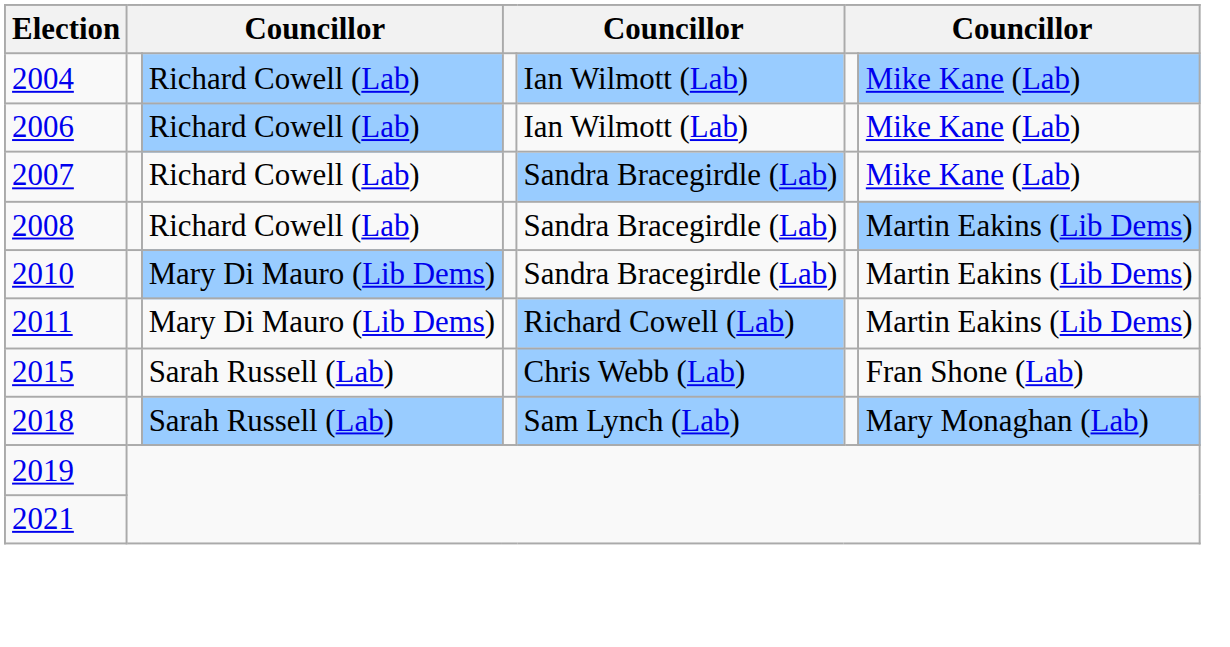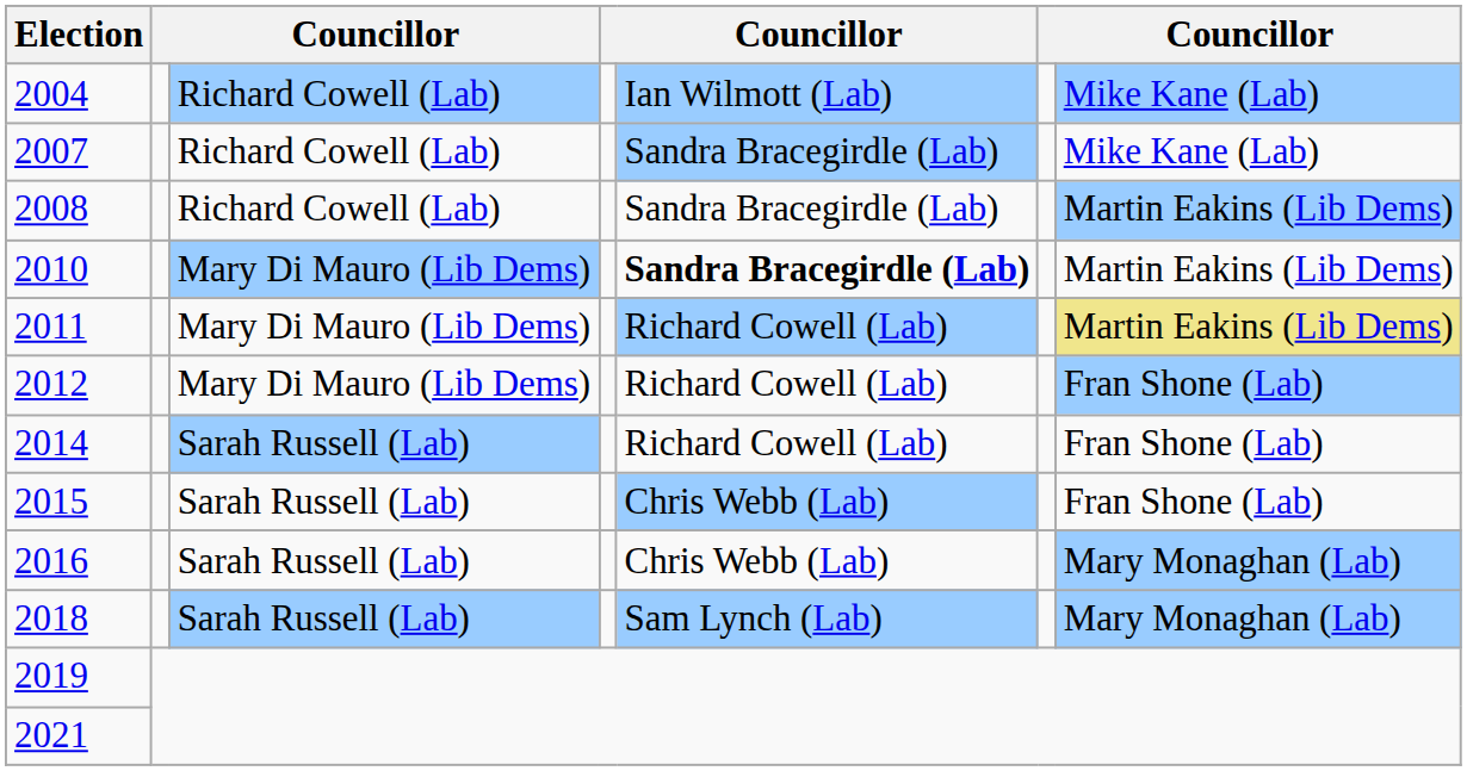 <table class="wikitable">
 <tr>
 <th>Election</th>
 <th colspan="2">Councillor</th>
 <th colspan="2">Councillor</th>
 <th colspan="2">Councillor</th>
 </tr>
 <tr>
 <td><a href='#'>2004</a></td>
 <td style="background-color: "></td>
 <td bgcolor="#99CCFF">Richard Cowell (<a href='#'>Lab</a>)</td>
 <td style="background-color: "></td>
 <td bgcolor="#99CCFF">Ian Wilmott (<a href='#'>Lab</a>)</td>
 <td style="background-color: "></td>
 <td bgcolor="#99CCFF"><a href='#'>Mike Kane</a> (<a href='#'>Lab</a>)</td>
-</tr>
-<tr>
-<td><a href='#'>2006</a></td>
-<td style="background-color: "></td>
-<td bgcolor="#99CCFF">Richard Cowell (<a href='#'>Lab</a>)</td>
-<td style="background-color: "></td>
-<td>Ian Wilmott (<a href='#'>Lab</a>)</td>
-<td style="background-color: "></td>
-<td><a href='#'>Mike Kane</a> (<a href='#'>Lab</a>)</td>
 </tr>
 <tr>
 <td><a href='#'>2007</a></td>
 <td style="background-color: "></td>
 <td>Richard Cowell (<a href='#'>Lab</a>)</td>
 <td style="background-color: "></td>
 <td bgcolor="#99CCFF">Sandra Bracegirdle (<a href='#'>Lab</a>)</td>
 <td style="background-color: "></td>
 <td><a href='#'>Mike Kane</a> (<a href='#'>Lab</a>)</td>
 </tr>
 <tr>
 <td><a href='#'>2008</a></td>
 <td style="background-color: "></td>
 <td>Richard Cowell (<a href='#'>Lab</a>)</td>
 <td style="background-color: "></td>
 <td>Sandra Bracegirdle (<a href='#'>Lab</a>)</td>
 <td style="background-color: "></td>
 <td bgcolor="#99CCFF">Martin Eakins (<a href='#'>Lib Dems</a>)</td>
 </tr>
 <tr>
 <td><a href='#'>2010</a></td>
 <td style="background-color: "></td>
 <td bgcolor="#99CCFF">Mary Di Mauro (<a href='#'>Lib Dems</a>)</td>
 <td style="background-color: "></td>
-<td>Sandra Bracegirdle (<a href='#'>Lab</a>)</td>
+<td><strong>Sandra Bracegirdle (<a href='#'>Lab</a>)</strong></td>
 <td style="background-color: "></td>
 <td>Martin Eakins (<a href='#'>Lib Dems</a>)</td>
 </tr>
 <tr>
 <td><a href='#'>2011</a></td>
 <td style="background-color: "></td>
 <td>Mary Di Mauro (<a href='#'>Lib Dems</a>)</td>
 <td style="background-color: "></td>
 <td bgcolor="#99CCFF">Richard Cowell (<a href='#'>Lab</a>)</td>
 <td style="background-color: "></td>
-<td>Martin Eakins (<a href='#'>Lib Dems</a>)</td>
+<td style="background: khaki;">Martin Eakins (<a href='#'>Lib Dems</a>)</td>
+</tr>
+<tr>
+<td><a href='#'>2012</a></td>
+<td style="background-color: "></td>
+<td>Mary Di Mauro (<a href='#'>Lib Dems</a>)</td>
+<td style="background-color: "></td>
+<td>Richard Cowell (<a href='#'>Lab</a>)</td>
+<td style="background-color: "></td>
+<td bgcolor="#99CCFF">Fran Shone (<a href='#'>Lab</a>)</td>
+</tr>
+<tr>
+<td><a href='#'>2014</a></td>
+<td style="background-color: "></td>
+<td bgcolor="#99CCFF">Sarah Russell (<a href='#'>Lab</a>)</td>
+<td style="background-color: "></td>
+<td>Richard Cowell (<a href='#'>Lab</a>)</td>
+<td style="background-color: "></td>
+<td>Fran Shone (<a href='#'>Lab</a>)</td>
 </tr>
 <tr>
 <td><a href='#'>2015</a></td>
 <td style="background-color: "></td>
 <td>Sarah Russell (<a href='#'>Lab</a>)</td>
 <td style="background-color: "></td>
 <td bgcolor="#99CCFF">Chris Webb (<a href='#'>Lab</a>)</td>
 <td style="background-color: "></td>
 <td>Fran Shone (<a href='#'>Lab</a>)</td>
+</tr>
+<tr>
+<td><a href='#'>2016</a></td>
+<td style="background-color: "></td>
+<td>Sarah Russell (<a href='#'>Lab</a>)</td>
+<td style="background-color: "></td>
+<td>Chris Webb (<a href='#'>Lab</a>)</td>
+<td style="background-color: "></td>
+<td bgcolor="#99CCFF">Mary Monaghan (<a href='#'>Lab</a>)</td>
 </tr>
 <tr>
 <td><a href='#'>2018</a></td>
 <td style="background-color: "></td>
 <td bgcolor="#99CCFF">Sarah Russell (<a href='#'>Lab</a>)</td>
 <td style="background-color: "></td>
 <td bgcolor="#99CCFF">Sam Lynch (<a href='#'>Lab</a>)</td>
 <td style="background-color: "></td>
 <td bgcolor="#99CCFF">Mary Monaghan (<a href='#'>Lab</a>)</td>
 </tr>
 <tr>
 <td><a href='#'>2019</a><br>  </td>
 </tr>
 <tr>
 <td><a href='#'>2021</a><br>  </td>
 </tr>
 </table>
